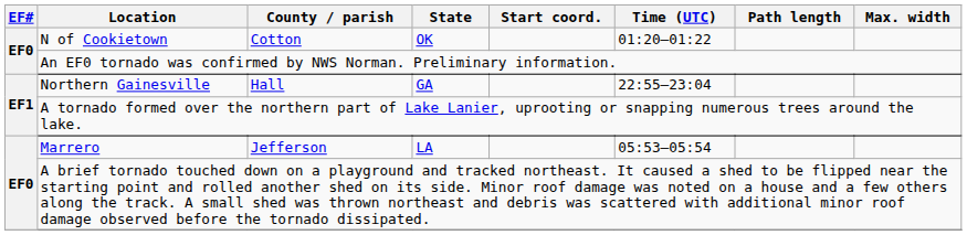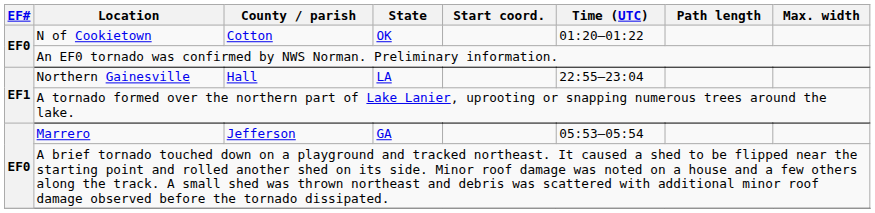 <table class="wikitable sortable" style="width:100%;">
 <tr>
 <th scope="col" width="2%" align="center"><a href='#'>EF#</a></th>
 <th scope="col" align="center" class="unsortable">Location</th>
 <th scope="col" align="center" class="unsortable">County / parish</th>
 <th scope="col" align="center">State</th>
 <th scope="col" align="center">Start coord.</th>
 <th scope="col" align="center">Time (<a href='#'>UTC</a>)</th>
 <th scope="col" align="center">Path length</th>
 <th scope="col" align="center">Max. width</th>
 </tr>
 <tr>
 <th scope="row" rowspan="2" style="background-color:#">EF0</th>
 <td>N of <a href='#'>Cookietown</a></td>
 <td><a href='#'>Cotton</a></td>
 <td><a href='#'>OK</a></td>
 <td></td>
 <td>01:20–01:22</td>
 <td></td>
 <td></td>
 </tr>
 <tr class="expand-child">
 <td colspan="8" style=" border-bottom: 1px solid black;">An EF0 tornado was confirmed by NWS Norman. Preliminary information.</td>
 </tr>
 <tr>
 <th scope="row" rowspan="2" style="background-color:#">EF1</th>
 <td>Northern <a href='#'>Gainesville</a></td>
 <td><a href='#'>Hall</a></td>
-<td><a href='#'>GA</a></td>
+<td><a href='#'>LA</a></td>
 <td></td>
 <td>22:55–23:04</td>
 <td></td>
 <td></td>
 </tr>
 <tr class="expand-child">
 <td colspan="8" style=" border-bottom: 1px solid black;">A tornado formed over the northern part of <a href='#'>Lake Lanier</a>, uprooting or snapping numerous trees around the lake.</td>
 </tr>
 <tr>
 <th scope="row" rowspan="2" style="background-color:#">EF0</th>
 <td><a href='#'>Marrero</a></td>
 <td><a href='#'>Jefferson</a></td>
-<td><a href='#'>LA</a></td>
+<td><a href='#'>GA</a></td>
 <td></td>
 <td>05:53–05:54</td>
 <td></td>
 <td></td>
 </tr>
 <tr class="expand-child">
 <td colspan="8" style=" border-bottom: 1px solid black;">A brief tornado touched down on a playground and tracked northeast. It caused a shed to be flipped near the starting point and rolled another shed on its side. Minor roof damage was noted on a house and a few others along the track. A small shed was thrown northeast and debris was scattered with additional minor roof damage observed before the tornado dissipated.</td>
 </tr>
 <tr>
 </tr>
 </table>
